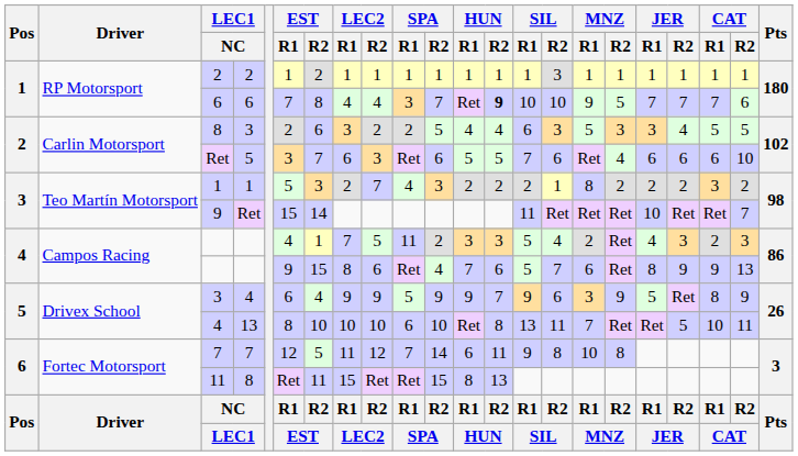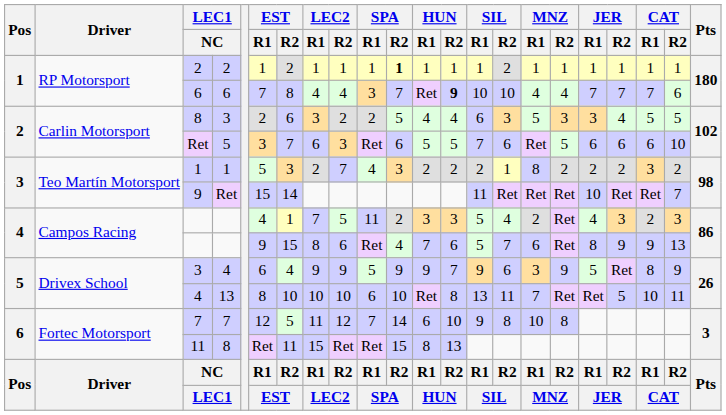 <table class="wikitable" style="font-size: 85%; text-align:center">
 <tr valign="top">
 <th rowspan="2" valign="middle">Pos</th>
 <th rowspan="2" valign="middle">Driver</th>
 <th colspan=2><a href='#'>LEC1</a><br></th>
 <th rowspan="16"></th>
 <th colspan=2><a href='#'>EST</a><br></th>
 <th colspan=2><a href='#'>LEC2</a><br></th>
 <th colspan=2><a href='#'>SPA</a><br></th>
 <th colspan=2><a href='#'>HUN</a><br></th>
 <th colspan=2><a href='#'>SIL</a><br></th>
 <th colspan=2><a href='#'>MNZ</a><br></th>
 <th colspan=2><a href='#'>JER</a><br></th>
 <th colspan=2><a href='#'>CAT</a><br></th>
 <th rowspan="2" valign="middle">Pts</th>
 </tr>
 <tr>
 <th colspan="2">NC</th>
 <th>R1</th>
 <th>R2</th>
 <th>R1</th>
 <th>R2</th>
 <th>R1</th>
 <th>R2</th>
 <th>R1</th>
 <th>R2</th>
 <th>R1</th>
 <th>R2</th>
 <th>R1</th>
 <th>R2</th>
 <th>R1</th>
 <th>R2</th>
 <th>R1</th>
 <th>R2</th>
 </tr>
 <tr>
 <th rowspan=2>1</th>
 <td align=left rowspan=2> <a href='#'>RP Motorsport</a></td>
 <td style="background:#CFCFFF;">2</td>
 <td style="background:#CFCFFF;">2</td>
 <td style="background:#FFFFBF;">1</td>
 <td style="background:#DFDFDF;">2</td>
 <td style="background:#FFFFBF;">1</td>
 <td style="background:#FFFFBF;">1</td>
 <td style="background:#FFFFBF;">1</td>
+<td style="background:#FFFFBF;"><strong>1</strong></td>
 <td style="background:#FFFFBF;">1</td>
 <td style="background:#FFFFBF;">1</td>
 <td style="background:#FFFFBF;">1</td>
-<td style="background:#FFFFBF;">1</td>
-<td style="background:#DFDFDF;">3</td>
+<td style="background:#DFDFDF;">2</td>
 <td style="background:#FFFFBF;">1</td>
 <td style="background:#FFFFBF;">1</td>
 <td style="background:#FFFFBF;">1</td>
 <td style="background:#FFFFBF;">1</td>
 <td style="background:#FFFFBF;">1</td>
 <td style="background:#FFFFBF;">1</td>
 <th rowspan=2>180</th>
 </tr>
 <tr>
 <td style="background:#CFCFFF;">6</td>
 <td style="background:#CFCFFF;">6</td>
 <td style="background:#CFCFFF;">7</td>
 <td style="background:#CFCFFF;">8</td>
 <td style="background:#DFFFDF;">4</td>
 <td style="background:#DFFFDF;">4</td>
 <td style="background:#FFDF9F;">3</td>
 <td style="background:#CFCFFF;">7</td>
 <td style="background:#EFCFFF;">Ret</td>
 <td style="background:#CFCFFF;"><strong>9</strong></td>
 <td style="background:#CFCFFF;">10</td>
 <td style="background:#CFCFFF;">10</td>
-<td style="background:#DFFFDF;">9</td>
-<td style="background:#DFFFDF;">5</td>
+<td style="background:#DFFFDF;">4</td>
+<td style="background:#DFFFDF;">4</td>
 <td style="background:#CFCFFF;">7</td>
 <td style="background:#CFCFFF;">7</td>
 <td style="background:#CFCFFF;">7</td>
 <td style="background:#DFFFDF;">6</td>
 </tr>
 <tr>
 <th rowspan=2>2</th>
 <td align=left rowspan=2> <a href='#'>Carlin Motorsport</a></td>
 <td style="background:#CFCFFF;">8</td>
 <td style="background:#CFCFFF;">3</td>
 <td style="background:#DFDFDF;">2</td>
 <td style="background:#CFCFFF;">6</td>
 <td style="background:#FFDF9F;">3</td>
 <td style="background:#DFDFDF;">2</td>
 <td style="background:#DFDFDF;">2</td>
 <td style="background:#DFFFDF;">5</td>
 <td style="background:#DFFFDF;">4</td>
 <td style="background:#DFFFDF;">4</td>
 <td style="background:#CFCFFF;">6</td>
 <td style="background:#FFDF9F;">3</td>
 <td style="background:#DFFFDF;">5</td>
 <td style="background:#FFDF9F;">3</td>
 <td style="background:#FFDF9F;">3</td>
 <td style="background:#DFFFDF;">4</td>
 <td style="background:#DFFFDF;">5</td>
 <td style="background:#DFFFDF;">5</td>
 <th rowspan=2>102</th>
 </tr>
 <tr>
 <td style="background:#EFCFFF;">Ret</td>
 <td style="background:#CFCFFF;">5</td>
 <td style="background:#FFDF9F;">3</td>
 <td style="background:#CFCFFF;">7</td>
 <td style="background:#CFCFFF;">6</td>
 <td style="background:#FFDF9F;">3</td>
 <td style="background:#EFCFFF;">Ret</td>
 <td style="background:#CFCFFF;">6</td>
 <td style="background:#DFFFDF;">5</td>
 <td style="background:#DFFFDF;">5</td>
 <td style="background:#CFCFFF;">7</td>
 <td style="background:#CFCFFF;">6</td>
 <td style="background:#EFCFFF;">Ret</td>
-<td style="background:#DFFFDF;">4</td>
+<td style="background:#DFFFDF;">5</td>
 <td style="background:#CFCFFF;">6</td>
 <td style="background:#CFCFFF;">6</td>
 <td style="background:#CFCFFF;">6</td>
 <td style="background:#CFCFFF;">10</td>
 </tr>
 <tr>
 <th rowspan=2>3</th>
 <td align=left rowspan=2 nowrap> <a href='#'>Teo Martín Motorsport</a></td>
 <td style="background:#CFCFFF;">1</td>
 <td style="background:#CFCFFF;">1</td>
 <td style="background:#DFFFDF;">5</td>
 <td style="background:#FFDF9F;">3</td>
 <td style="background:#DFDFDF;">2</td>
 <td style="background:#CFCFFF;">7</td>
 <td style="background:#DFFFDF;">4</td>
 <td style="background:#FFDF9F;">3</td>
 <td style="background:#DFDFDF;">2</td>
 <td style="background:#DFDFDF;">2</td>
 <td style="background:#DFDFDF;">2</td>
 <td style="background:#FFFFBF;">1</td>
 <td style="background:#CFCFFF;">8</td>
 <td style="background:#DFDFDF;">2</td>
 <td style="background:#DFDFDF;">2</td>
 <td style="background:#DFDFDF;">2</td>
 <td style="background:#FFDF9F;">3</td>
 <td style="background:#DFDFDF;">2</td>
 <th rowspan=2>98</th>
 </tr>
 <tr>
 <td style="background:#CFCFFF;">9</td>
 <td style="background:#EFCFFF;">Ret</td>
 <td style="background:#CFCFFF;">15</td>
 <td style="background:#CFCFFF;">14</td>
 <td></td>
 <td></td>
 <td></td>
 <td></td>
 <td></td>
 <td></td>
 <td style="background:#CFCFFF;">11</td>
 <td style="background:#EFCFFF;">Ret</td>
 <td style="background:#EFCFFF;">Ret</td>
 <td style="background:#EFCFFF;">Ret</td>
 <td style="background:#CFCFFF;">10</td>
 <td style="background:#EFCFFF;">Ret</td>
 <td style="background:#EFCFFF;">Ret</td>
 <td style="background:#CFCFFF;">7</td>
 </tr>
 <tr>
 <th rowspan=2>4</th>
 <td align=left rowspan=2> <a href='#'>Campos Racing</a></td>
 <td style="background:#;"></td>
 <td style="background:#;"></td>
 <td style="background:#DFFFDF;">4</td>
 <td style="background:#FFFFBF;">1</td>
 <td style="background:#CFCFFF;">7</td>
 <td style="background:#DFFFDF;">5</td>
 <td style="background:#CFCFFF;">11</td>
 <td style="background:#DFDFDF;">2</td>
 <td style="background:#FFDF9F;">3</td>
 <td style="background:#FFDF9F;">3</td>
 <td style="background:#DFFFDF;">5</td>
 <td style="background:#DFFFDF;">4</td>
 <td style="background:#DFDFDF;">2</td>
 <td style="background:#EFCFFF;">Ret</td>
 <td style="background:#DFFFDF;">4</td>
 <td style="background:#FFDF9F;">3</td>
 <td style="background:#DFDFDF;">2</td>
 <td style="background:#FFDF9F;">3</td>
 <th rowspan=2>86</th>
 </tr>
 <tr>
 <td style="background:#;"></td>
 <td style="background:#;"></td>
 <td style="background:#CFCFFF;">9</td>
 <td style="background:#CFCFFF;">15</td>
 <td style="background:#CFCFFF;">8</td>
 <td style="background:#CFCFFF;">6</td>
 <td style="background:#EFCFFF;">Ret</td>
 <td style="background:#DFFFDF;">4</td>
 <td style="background:#CFCFFF;">7</td>
 <td style="background:#CFCFFF;">6</td>
 <td style="background:#DFFFDF;">5</td>
 <td style="background:#CFCFFF;">7</td>
 <td style="background:#CFCFFF;">6</td>
 <td style="background:#EFCFFF;">Ret</td>
 <td style="background:#CFCFFF;">8</td>
 <td style="background:#CFCFFF;">9</td>
 <td style="background:#CFCFFF;">9</td>
 <td style="background:#CFCFFF;">13</td>
 </tr>
 <tr>
 <th rowspan=2>5</th>
 <td align=left rowspan=2> <a href='#'>Drivex School</a></td>
 <td style="background:#CFCFFF;">3</td>
 <td style="background:#CFCFFF;">4</td>
 <td style="background:#CFCFFF;">6</td>
 <td style="background:#DFFFDF;">4</td>
 <td style="background:#CFCFFF;">9</td>
 <td style="background:#CFCFFF;">9</td>
 <td style="background:#DFFFDF;">5</td>
 <td style="background:#CFCFFF;">9</td>
 <td style="background:#CFCFFF;">9</td>
 <td style="background:#CFCFFF;">7</td>
 <td style="background:#FFDF9F;">9</td>
 <td style="background:#CFCFFF;">6</td>
 <td style="background:#FFDF9F;">3</td>
 <td style="background:#CFCFFF;">9</td>
 <td style="background:#DFFFDF;">5</td>
 <td style="background:#EFCFFF;">Ret</td>
 <td style="background:#CFCFFF;">8</td>
 <td style="background:#CFCFFF;">9</td>
 <th rowspan=2>26</th>
 </tr>
 <tr>
 <td style="background:#CFCFFF;">4</td>
 <td style="background:#CFCFFF;">13</td>
 <td style="background:#CFCFFF;">8</td>
 <td style="background:#CFCFFF;">10</td>
 <td style="background:#CFCFFF;">10</td>
 <td style="background:#CFCFFF;">10</td>
 <td style="background:#CFCFFF;">6</td>
 <td style="background:#CFCFFF;">10</td>
 <td style="background:#EFCFFF;">Ret</td>
 <td style="background:#CFCFFF;">8</td>
 <td style="background:#CFCFFF;">13</td>
 <td style="background:#CFCFFF;">11</td>
 <td style="background:#CFCFFF;">7</td>
 <td style="background:#EFCFFF;">Ret</td>
 <td style="background:#EFCFFF;">Ret</td>
 <td style="background:#CFCFFF;">5</td>
 <td style="background:#CFCFFF;">10</td>
 <td style="background:#CFCFFF;">11</td>
 </tr>
 <tr>
 <th rowspan=2>6</th>
 <td align=left rowspan=2> <a href='#'>Fortec Motorsport</a></td>
 <td style="background:#CFCFFF;">7</td>
 <td style="background:#CFCFFF;">7</td>
 <td style="background:#CFCFFF;">12</td>
 <td style="background:#DFFFDF;">5</td>
 <td style="background:#CFCFFF;">11</td>
 <td style="background:#CFCFFF;">12</td>
 <td style="background:#CFCFFF;">7</td>
 <td style="background:#CFCFFF;">14</td>
 <td style="background:#CFCFFF;">6</td>
-<td style="background:#CFCFFF;">11</td>
+<td style="background:#CFCFFF;">10</td>
 <td style="background:#CFCFFF;">9</td>
 <td style="background:#CFCFFF;">8</td>
 <td style="background:#CFCFFF;">10</td>
 <td style="background:#CFCFFF;">8</td>
 <td></td>
 <td></td>
 <td></td>
 <td></td>
 <th rowspan=2>3</th>
 </tr>
 <tr>
 <td style="background:#CFCFFF;">11</td>
 <td style="background:#CFCFFF;">8</td>
 <td style="background:#EFCFFF;">Ret</td>
 <td style="background:#CFCFFF;">11</td>
 <td style="background:#CFCFFF;">15</td>
 <td style="background:#EFCFFF;">Ret</td>
 <td style="background:#EFCFFF;">Ret</td>
 <td style="background:#CFCFFF;">15</td>
 <td style="background:#CFCFFF;">8</td>
 <td style="background:#CFCFFF;">13</td>
 <td></td>
 <td></td>
 <td></td>
 <td></td>
 <td></td>
 <td></td>
 <td></td>
 <td></td>
 </tr>
 <tr>
 <th rowspan="2">Pos</th>
 <th rowspan="2">Driver</th>
 <th colspan="2">NC</th>
 <th>R1</th>
 <th>R2</th>
 <th>R1</th>
 <th>R2</th>
 <th>R1</th>
 <th>R2</th>
 <th>R1</th>
 <th>R2</th>
 <th>R1</th>
 <th>R2</th>
 <th>R1</th>
 <th>R2</th>
 <th>R1</th>
 <th>R2</th>
 <th>R1</th>
 <th>R2</th>
 <th rowspan="2">Pts</th>
 </tr>
 <tr>
 <th colspan="2"><a href='#'>LEC1</a><br></th>
 <th colspan="2"><a href='#'>EST</a><br></th>
 <th colspan="2"><a href='#'>LEC2</a><br></th>
 <th colspan="2"><a href='#'>SPA</a><br></th>
 <th colspan="2"><a href='#'>HUN</a><br></th>
 <th colspan="2"><a href='#'>SIL</a><br></th>
 <th colspan="2"><a href='#'>MNZ</a><br></th>
 <th colspan="2"><a href='#'>JER</a><br></th>
 <th colspan="2"><a href='#'>CAT</a><br></th>
 </tr>
 </table>
